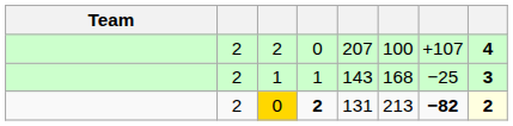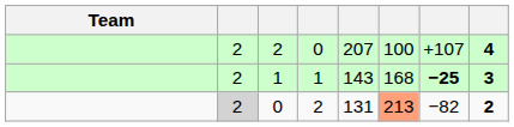 <table class="wikitable" style="text-align: center; font-size:90% ">
 <tr>
 <th width=160>Team</th>
 <th width=25></th>
 <th width=25></th>
 <th width=25></th>
 <th width=25></th>
 <th width=25></th>
 <th width=25></th>
 <th width=25></th>
 </tr>
 <tr style=background:#ccffcc>
 <td align=left></td>
 <td>2</td>
 <td>2</td>
 <td>0</td>
 <td>207</td>
 <td>100</td>
 <td>+107</td>
 <td><strong>4</strong></td>
 </tr>
 <tr style=background:#ccffcc>
 <td align=left></td>
 <td>2</td>
 <td>1</td>
 <td>1</td>
 <td>143</td>
 <td>168</td>
-<td>−25</td>
+<td><strong>−25</strong></td>
 <td><strong>3</strong></td>
 </tr>
 <tr>
 <td align=left></td>
+<td style="background: lightgrey;">2</td>
+<td>0</td>
 <td>2</td>
-<td style="background: gold;">0</td>
+<td>131</td>
+<td style="background: lightsalmon;">213</td>
+<td>−82</td>
 <td><strong>2</strong></td>
-<td>131</td>
-<td>213</td>
-<td><strong>−82</strong></td>
-<td style="background: lightyellow;"><strong>2</strong></td>
 </tr>
 </table>
